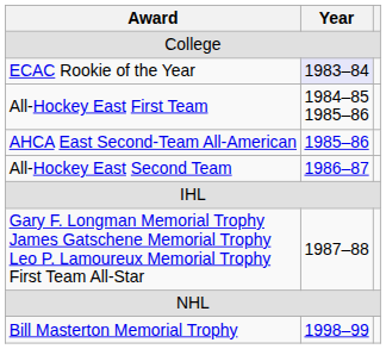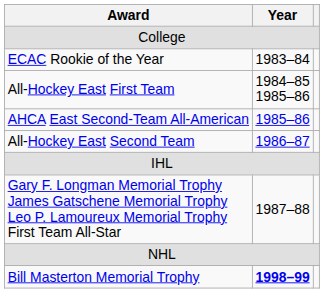 <table class="wikitable">
 <tr>
 <th>Award</th>
 <th>Year</th>
 <th></th>
 </tr>
 <tr style="text-align:center; background:#e0e0e0;">
 <td colspan="3">College</td>
 </tr>
 <tr>
 <td><a href='#'>ECAC</a> Rookie of the Year</td>
-<td style="background: lavender;">1983–84</td>
+<td>1983–84</td>
 <td></td>
 </tr>
 <tr>
 <td>All-<a href='#'>Hockey East</a> <a href='#'>First Team</a></td>
 <td>1984–85<br>1985–86</td>
 <td></td>
 </tr>
 <tr>
 <td><a href='#'>AHCA</a> <a href='#'>East Second-Team All-American</a></td>
 <td><a href='#'>1985–86</a></td>
 <td></td>
 </tr>
 <tr>
 <td>All-<a href='#'>Hockey East</a> <a href='#'>Second Team</a></td>
 <td><a href='#'>1986–87</a></td>
 <td></td>
 </tr>
 <tr style="text-align:center; background:#e0e0e0;">
 <td colspan="3">IHL</td>
 </tr>
 <tr>
 <td><a href='#'>Gary F. Longman Memorial Trophy</a><br><a href='#'>James Gatschene Memorial Trophy</a><br><a href='#'>Leo P. Lamoureux Memorial Trophy</a><br>First Team All-Star</td>
 <td>1987–88</td>
 <td></td>
 </tr>
 <tr style="text-align:center; background:#e0e0e0;">
 <td colspan="3">NHL</td>
 </tr>
 <tr>
 <td><a href='#'>Bill Masterton Memorial Trophy</a></td>
-<td><a href='#'>1998–99</a></td>
+<td><strong><a href='#'>1998–99</a></strong></td>
 <td></td>
 </tr>
 </table>
